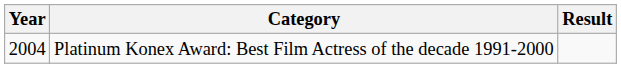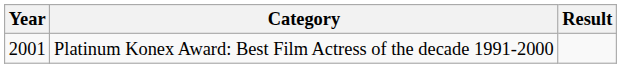 <table class="wikitable">
 <tr>
 <th>Year</th>
 <th>Category</th>
 <th>Result</th>
 </tr>
 <tr>
-<td>2004</td>
+<td>2001</td>
 <td>Platinum Konex Award: Best Film Actress of the decade 1991-2000</td>
 <td></td>
 </tr>
 </table>
